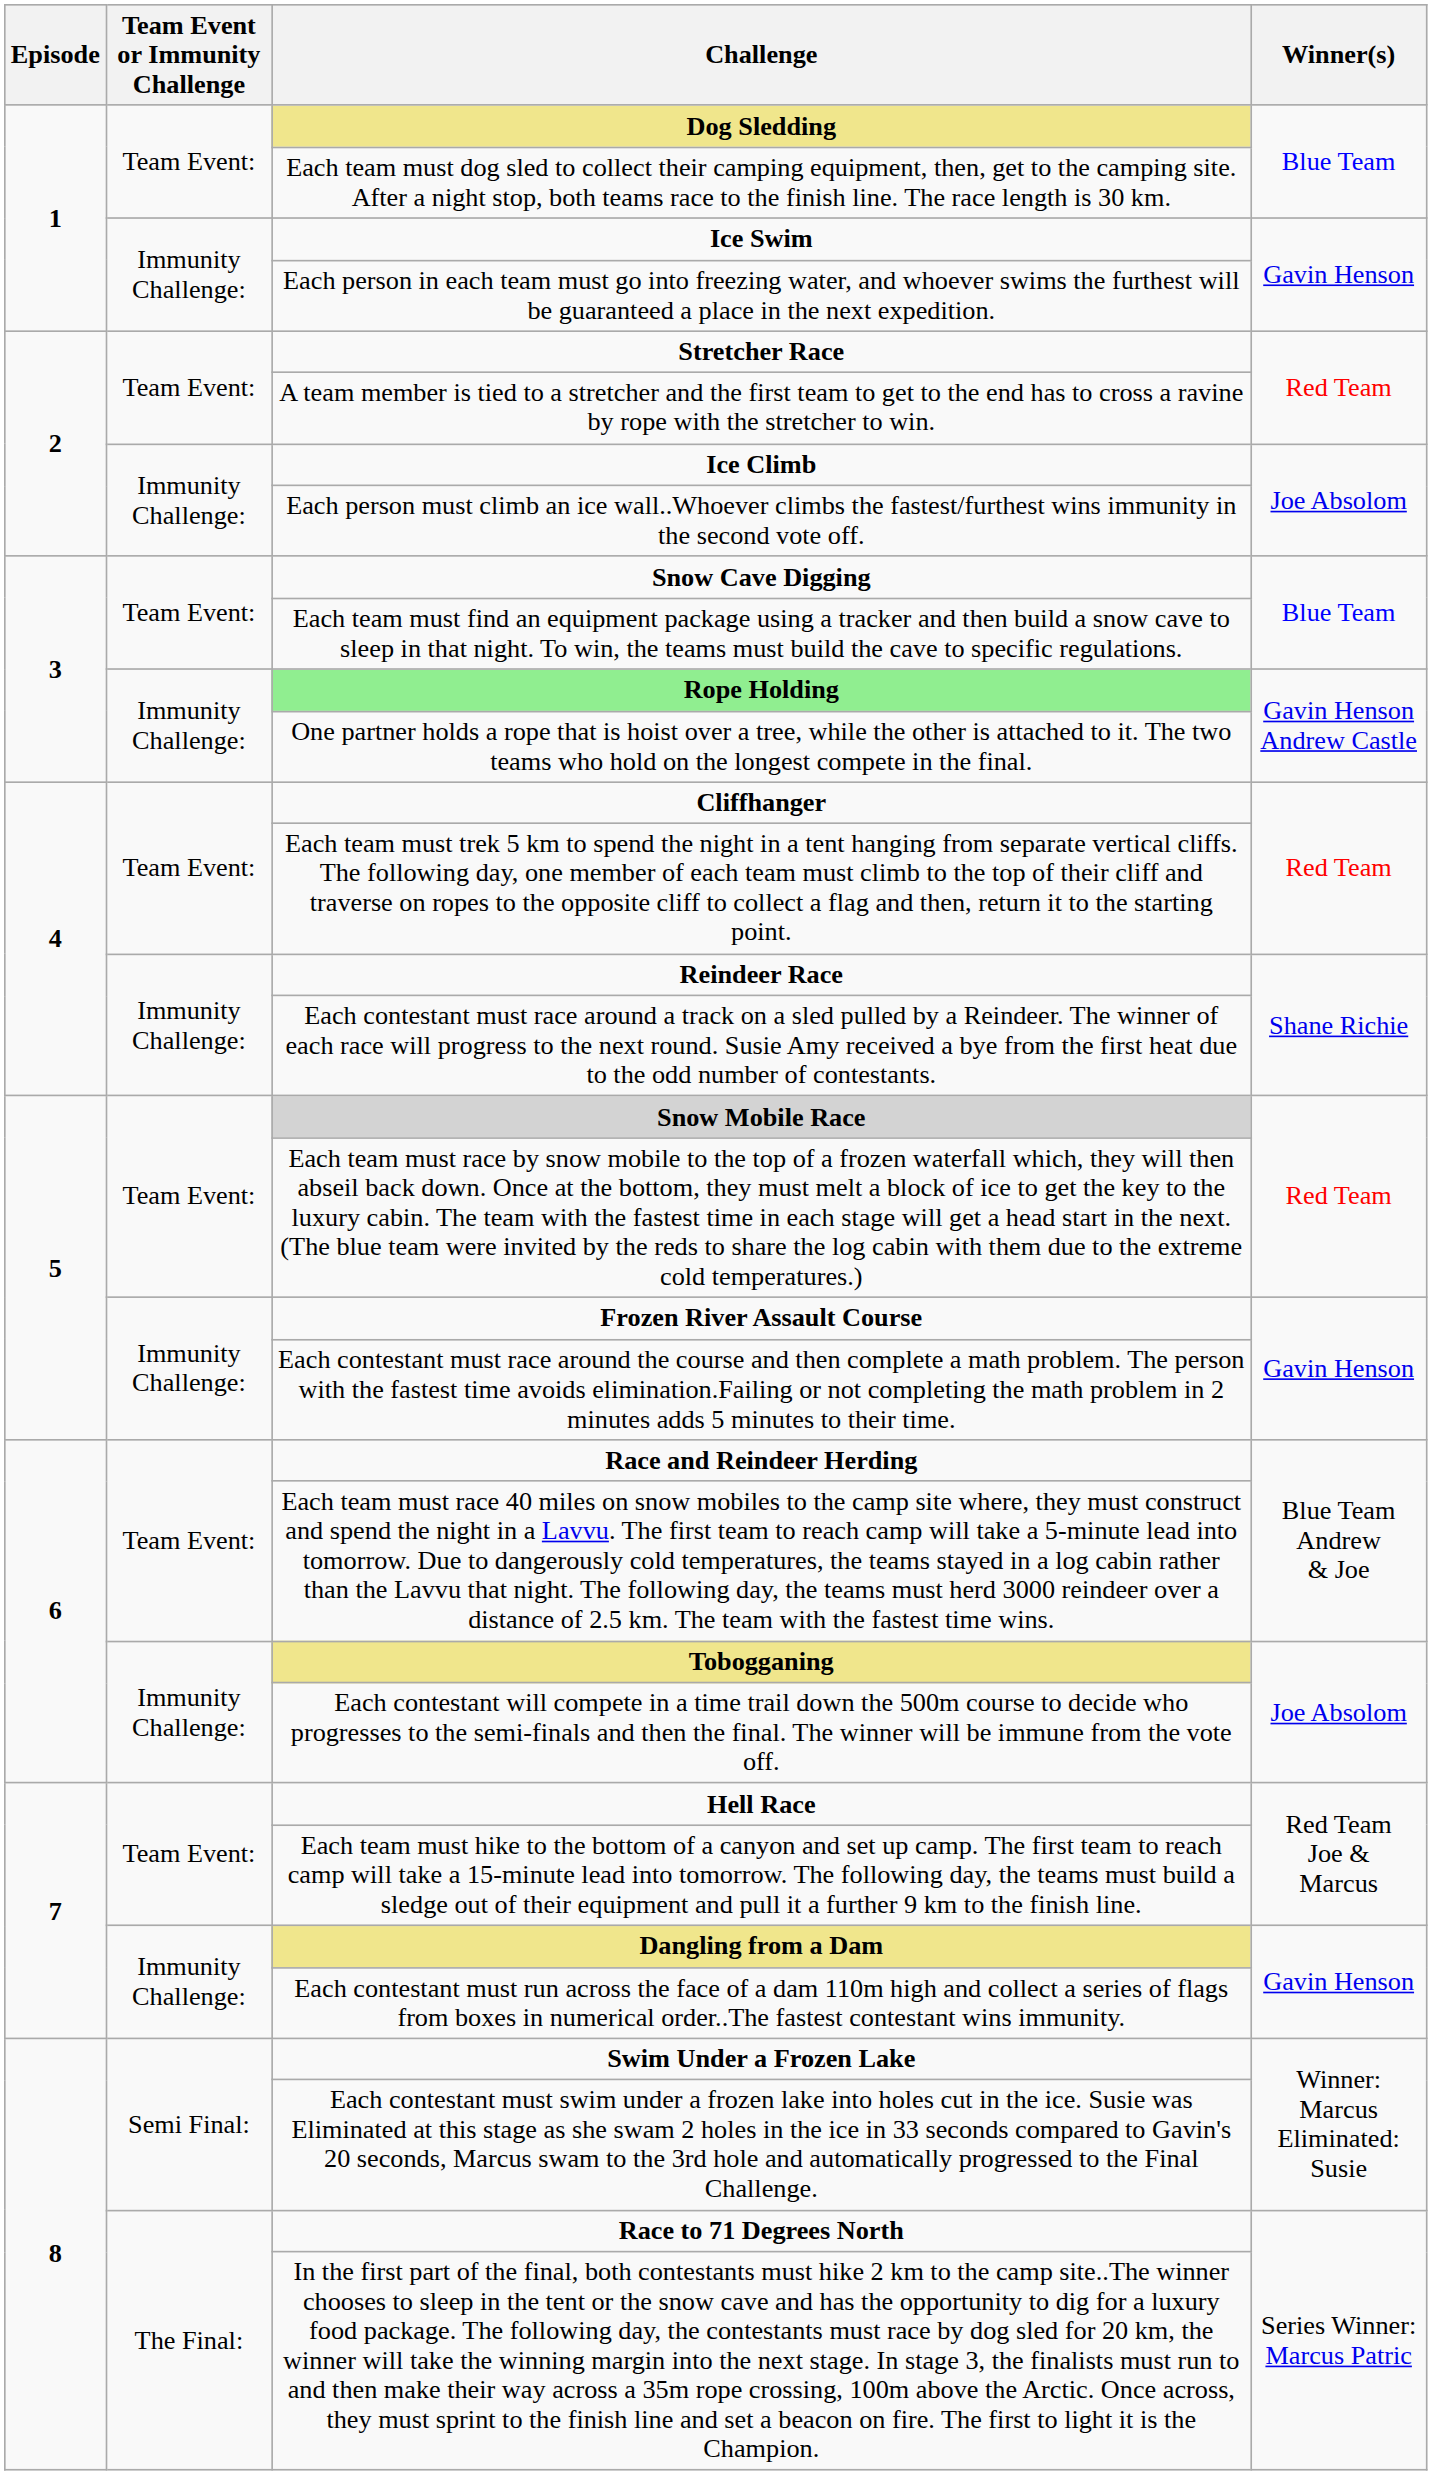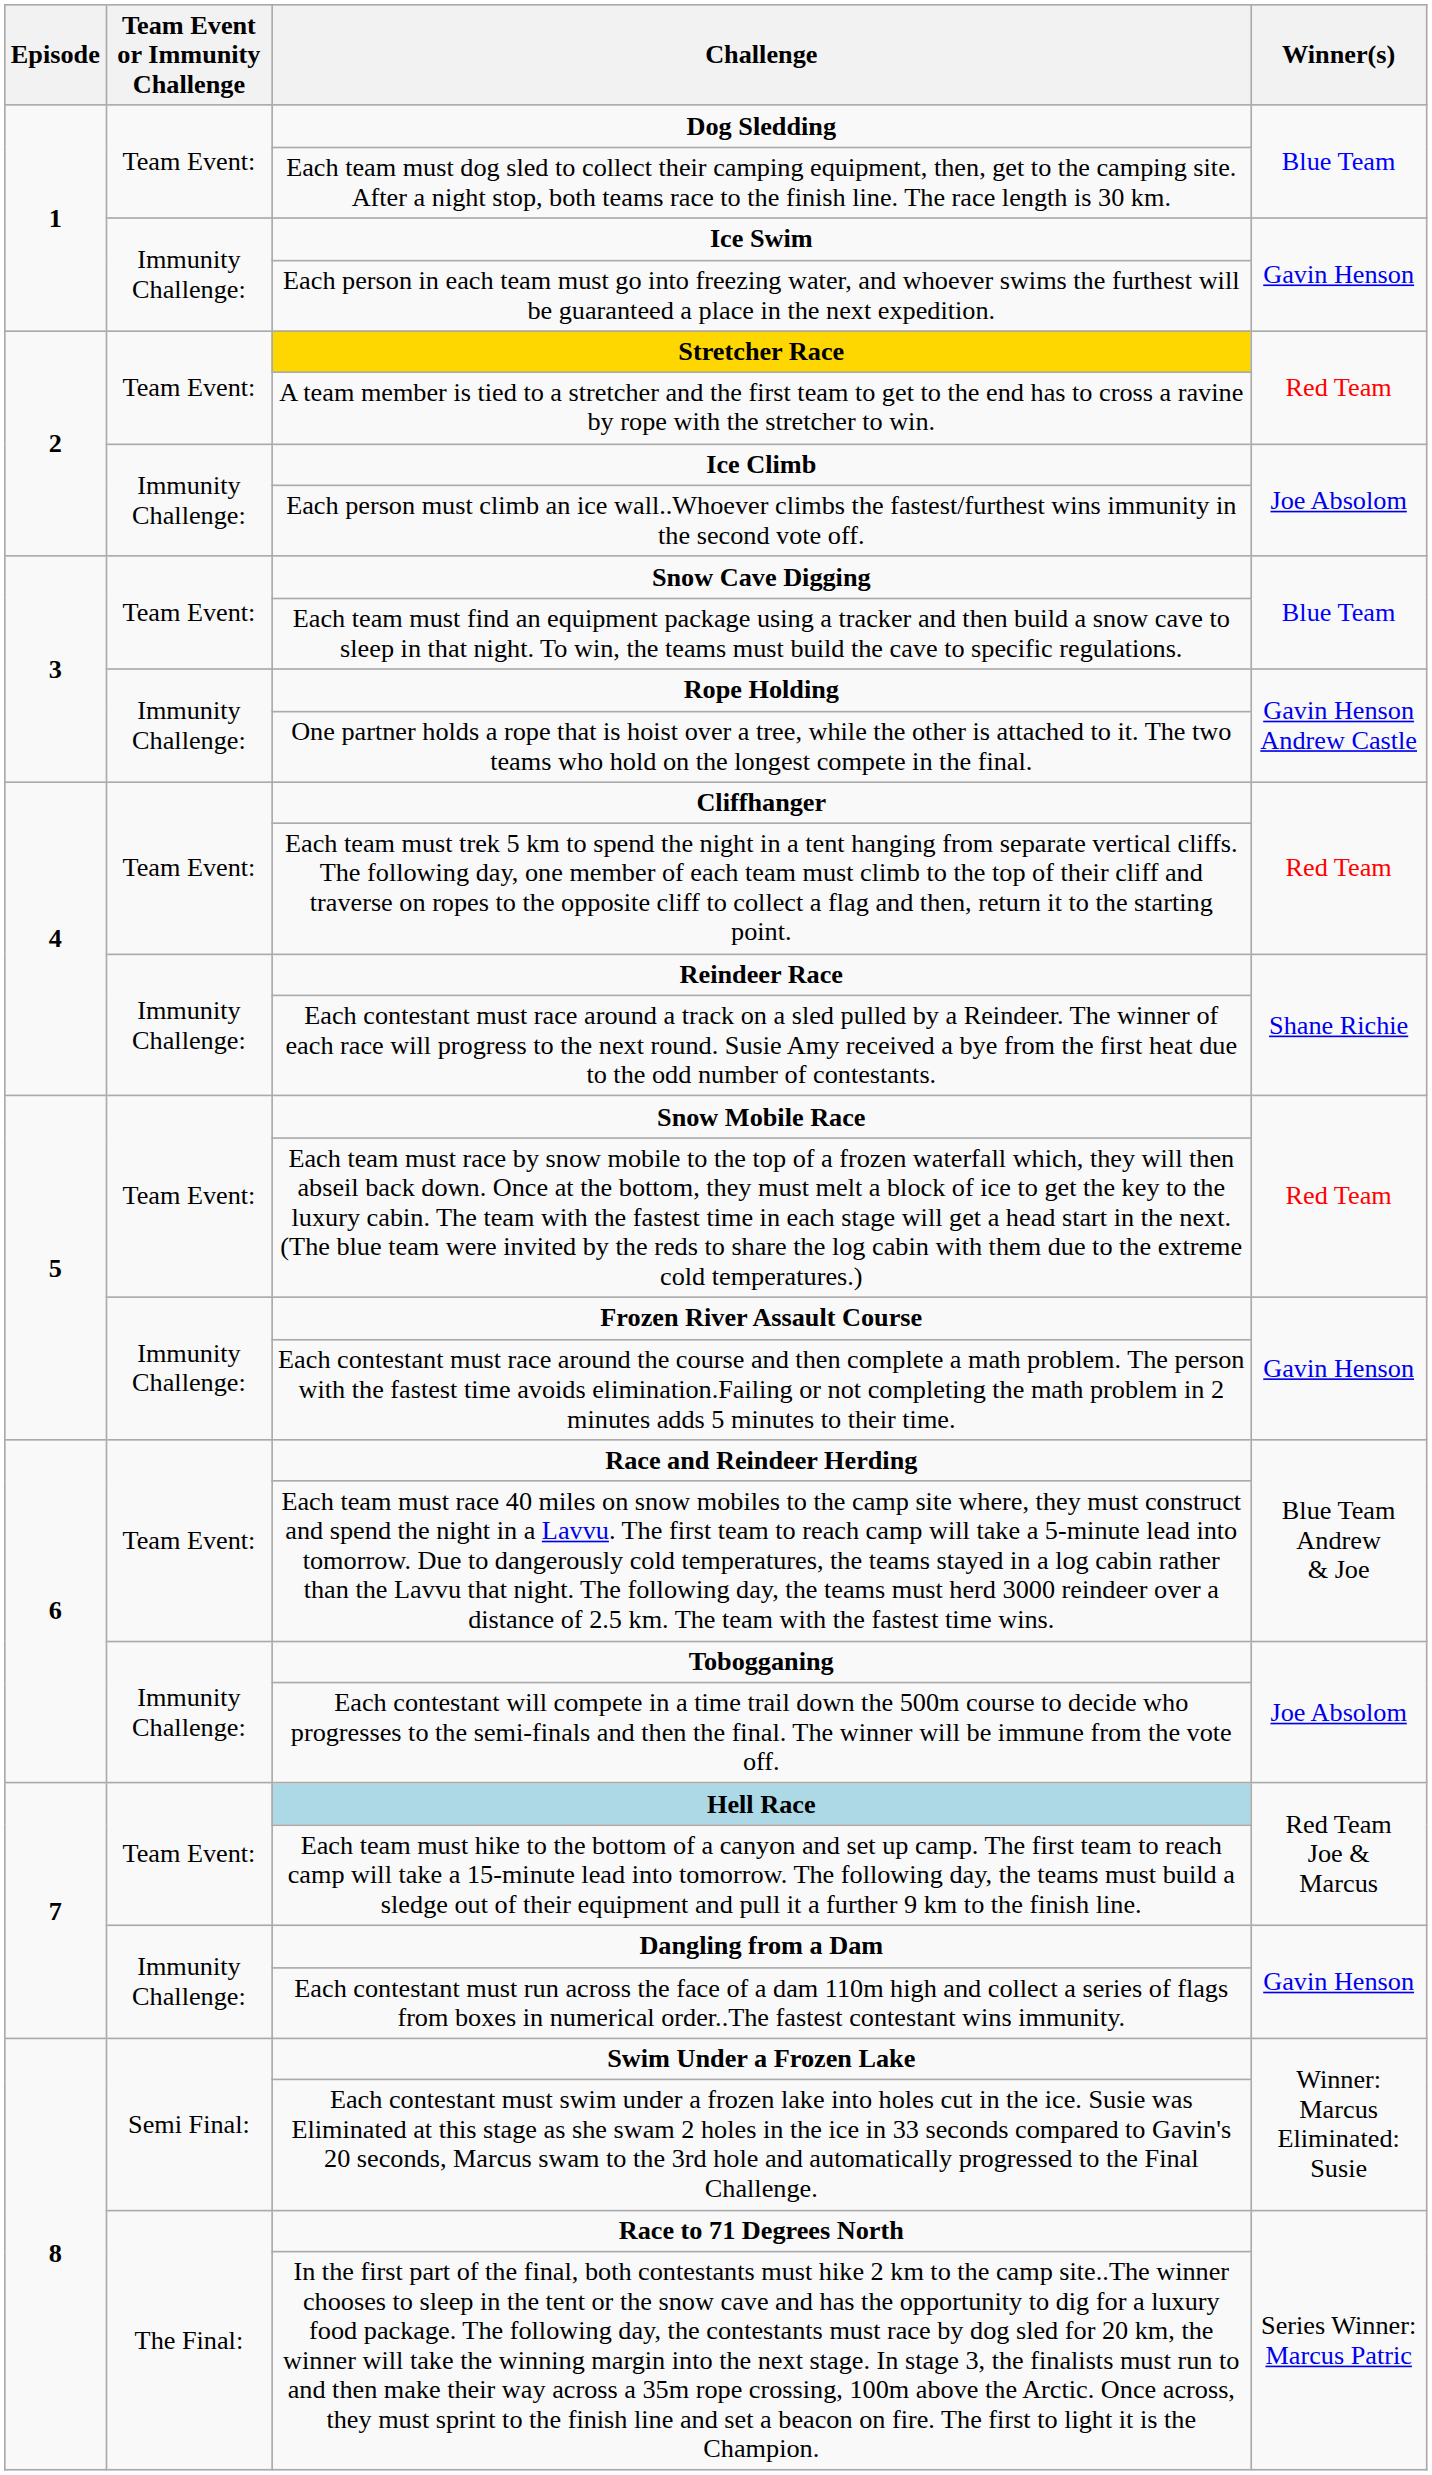 <table class="wikitable" style="text-align:center">
 <tr>
 <th>Episode</th>
 <th>Team Event or Immunity Challenge</th>
 <th>Challenge</th>
 <th scope="col" width="100">Winner(s)</th>
 </tr>
 <tr>
 <td rowspan="4"><strong>1</strong></td>
 <td rowspan="2">Team Event:</td>
-<td style="background: khaki;"><strong>Dog Sledding</strong></td>
+<td><strong>Dog Sledding</strong></td>
 <td rowspan="2" style="color:blue">Blue Team</td>
 </tr>
 <tr>
 <td>Each team must dog sled to collect their camping equipment, then, get to the camping site. After a night stop, both teams race to the finish line. The race length is 30 km.</td>
 </tr>
 <tr>
 <td rowspan="2">Immunity Challenge:</td>
 <td><strong>Ice Swim</strong></td>
 <td rowspan="2"><a href='#'>Gavin Henson</a></td>
 </tr>
 <tr>
 <td>Each person in each team must go into freezing water, and whoever swims the furthest will be guaranteed a place in the next expedition.</td>
 </tr>
 <tr>
 <td rowspan="4"><strong>2</strong></td>
 <td rowspan="2">Team Event:</td>
-<td><strong>Stretcher Race</strong></td>
+<td style="background: gold;"><strong>Stretcher Race</strong></td>
 <td rowspan="2" style="color:red">Red Team</td>
 </tr>
 <tr>
 <td>A team member is tied to a stretcher and the first team to get to the end has to cross a ravine by rope with the stretcher to win.</td>
 </tr>
 <tr>
 <td rowspan="2">Immunity Challenge:</td>
 <td><strong>Ice Climb</strong></td>
 <td rowspan="2"><a href='#'>Joe Absolom</a></td>
 </tr>
 <tr>
 <td>Each person must climb an ice wall..Whoever climbs the fastest/furthest wins immunity in the second vote off.</td>
 </tr>
 <tr>
 <td rowspan="4"><strong>3</strong></td>
 <td rowspan="2">Team Event:</td>
 <td><strong>Snow Cave Digging</strong></td>
 <td rowspan="2" style="color:blue">Blue Team</td>
 </tr>
 <tr>
 <td>Each team must find an equipment package using a tracker and then build a snow cave to sleep in that night. To win, the teams must build the cave to specific regulations.</td>
 </tr>
 <tr>
 <td rowspan="2">Immunity Challenge:</td>
-<td style="background: lightgreen;"><strong>Rope Holding</strong></td>
+<td><strong>Rope Holding</strong></td>
 <td rowspan="2"><span><a href='#'>Gavin Henson</a></span><br><a href='#'>Andrew Castle</a></td>
 </tr>
 <tr>
 <td>One partner holds a rope that is hoist over a tree, while the other is attached to it. The two teams who hold on the longest compete in the final.</td>
 </tr>
 <tr>
 <td rowspan="4"><strong>4</strong></td>
 <td rowspan="2">Team Event:</td>
 <td><strong>Cliffhanger</strong></td>
 <td rowspan="2" style="color:red">Red Team</td>
 </tr>
 <tr>
 <td>Each team must trek 5 km to spend the night in a tent hanging from separate vertical cliffs. The following day, one member of each team must climb to the top of their cliff and traverse on ropes to the opposite cliff to collect a flag and then, return it to the starting point.</td>
 </tr>
 <tr>
 <td rowspan="2">Immunity Challenge:</td>
 <td><strong>Reindeer Race</strong></td>
 <td rowspan="2"><a href='#'>Shane Richie</a></td>
 </tr>
 <tr>
 <td>Each contestant must race around a track on a sled pulled by a Reindeer. The winner of each race will progress to the next round. Susie Amy received a bye from the first heat due to the odd number of contestants.</td>
 </tr>
 <tr>
 <td rowspan="4"><strong>5</strong></td>
 <td rowspan="2">Team Event:</td>
-<td style="background: lightgrey;"><strong>Snow Mobile Race</strong></td>
+<td><strong>Snow Mobile Race</strong></td>
 <td rowspan="2" style="color:red">Red Team</td>
 </tr>
 <tr>
 <td>Each team must race by snow mobile to the top of a frozen waterfall which, they will then abseil back down. Once at the bottom, they must melt a block of ice to get the key to the luxury cabin. The team with the fastest time in each stage will get a head start in the next.<br>(The blue team were invited by the reds to share the log cabin with them due to the extreme cold temperatures.)</td>
 </tr>
 <tr>
 <td rowspan="2">Immunity Challenge:</td>
 <td><strong>Frozen River Assault Course</strong></td>
 <td rowspan="2"><a href='#'>Gavin Henson</a></td>
 </tr>
 <tr>
 <td>Each contestant must race around the course and then complete a math problem. The person with the fastest time avoids elimination.Failing or not completing the math problem in 2 minutes adds 5 minutes to their time.</td>
 </tr>
 <tr>
 <td rowspan="4"><strong>6</strong></td>
 <td rowspan="2">Team Event:</td>
 <td><strong>Race and Reindeer Herding</strong></td>
 <td rowspan="2"><span>Blue Team</span><br>Andrew<br>& Joe</td>
 </tr>
 <tr>
 <td>Each team must race 40 miles on snow mobiles to the camp site where, they must construct and spend the night in a <a href='#'>Lavvu</a>. The first team to reach camp will take a 5-minute lead into tomorrow. Due to dangerously cold temperatures, the teams stayed in a log cabin rather than the Lavvu that night. The following day, the teams must herd 3000 reindeer over a distance of 2.5 km. The team with the fastest time wins.</td>
 </tr>
 <tr>
 <td rowspan="2">Immunity Challenge:</td>
-<td style="background: khaki;"><strong>Tobogganing</strong></td>
+<td><strong>Tobogganing</strong></td>
 <td rowspan="2"><a href='#'>Joe Absolom</a></td>
 </tr>
 <tr>
 <td>Each contestant will compete in a time trail down the 500m course to decide who progresses to the semi-finals and then the final. The winner will be immune from the vote off.</td>
 </tr>
 <tr>
 <td rowspan="4"><strong>7</strong></td>
 <td rowspan="2">Team Event:</td>
-<td><strong>Hell Race</strong></td>
+<td style="background: lightblue;"><strong>Hell Race</strong></td>
 <td rowspan="2"><span>Red Team</span><br>Joe &<br>Marcus</td>
 </tr>
 <tr>
 <td>Each team must hike to the bottom of a canyon and set up camp. The first team to reach camp will take a 15-minute lead into tomorrow. The following day, the teams must build a sledge out of their equipment and pull it a further 9 km to the finish line.</td>
 </tr>
 <tr>
 <td rowspan="2">Immunity Challenge:</td>
-<td style="background: khaki;"><strong>Dangling from a Dam</strong></td>
+<td><strong>Dangling from a Dam</strong></td>
 <td rowspan="2"><a href='#'>Gavin Henson</a></td>
 </tr>
 <tr>
 <td>Each contestant must run across the face of a dam 110m high and collect a series of flags from boxes in numerical order..The fastest contestant wins immunity.</td>
 </tr>
 <tr>
 <td rowspan="4"><strong>8</strong></td>
 <td rowspan="2">Semi Final:</td>
 <td><strong>Swim Under a Frozen Lake</strong></td>
 <td rowspan="2">Winner:<br><span>Marcus</span><br>Eliminated:<br><span>Susie</span></td>
 </tr>
 <tr>
 <td>Each contestant must swim under a frozen lake into holes cut in the ice. Susie was Eliminated at this stage as she swam 2 holes in the ice in 33 seconds compared to Gavin's 20 seconds, Marcus swam to the 3rd hole and automatically progressed to the Final Challenge.</td>
 </tr>
 <tr>
 <td rowspan="2">The Final:</td>
 <td><strong>Race to 71 Degrees North</strong></td>
 <td rowspan="2">Series Winner:<br><span><a href='#'>Marcus Patric</a></span></td>
 </tr>
 <tr>
 <td>In the first part of the final, both contestants must hike 2 km to the camp site..The winner chooses to sleep in the tent or the snow cave and has the opportunity to dig for a luxury food package. The following day, the contestants must race by dog sled for 20 km, the winner will take the winning margin into the next stage. In stage 3, the finalists must run to and then make their way across a 35m rope crossing, 100m above the Arctic. Once across, they must sprint to the finish line and set a beacon on fire. The first to light it is the Champion.</td>
 </tr>
 </table>
